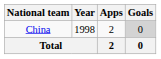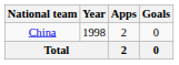 <table class="wikitable" style="text-align:center">
 <tr>
 <th>National team</th>
 <th>Year</th>
 <th>Apps</th>
 <th>Goals</th>
 </tr>
 <tr>
 <td rowspan="1"><a href='#'>China</a></td>
 <td>1998</td>
 <td>2</td>
-<td style="background: lightgrey;">0</td>
+<td>0</td>
 </tr>
 <tr>
 <th colspan=2>Total</th>
 <th>2</th>
 <th>0</th>
 </tr>
 </table>
